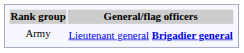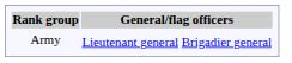 <table style="border:1px solid #8888aa; background-color:#f7f8ff; padding:5px; font-size:95%; margin: 0px 12px 12px 0px;">
 <tr style="background-color:#CCCCCC; text-align:center;">
 <th>Rank group</th>
 <th colspan=2>General/flag officers</th>
 </tr>
 <tr style="text-align:center;">
 <td rowspan=2>Army</td>
 <td></td>
 <td></td>
 </tr>
 <tr style="text-align:center;">
 <td><a href='#'>Lieutenant general</a></td>
-<td><strong><a href='#'>Brigadier general</a></strong></td>
+<td><a href='#'>Brigadier general</a></td>
 </tr>
 </table>
